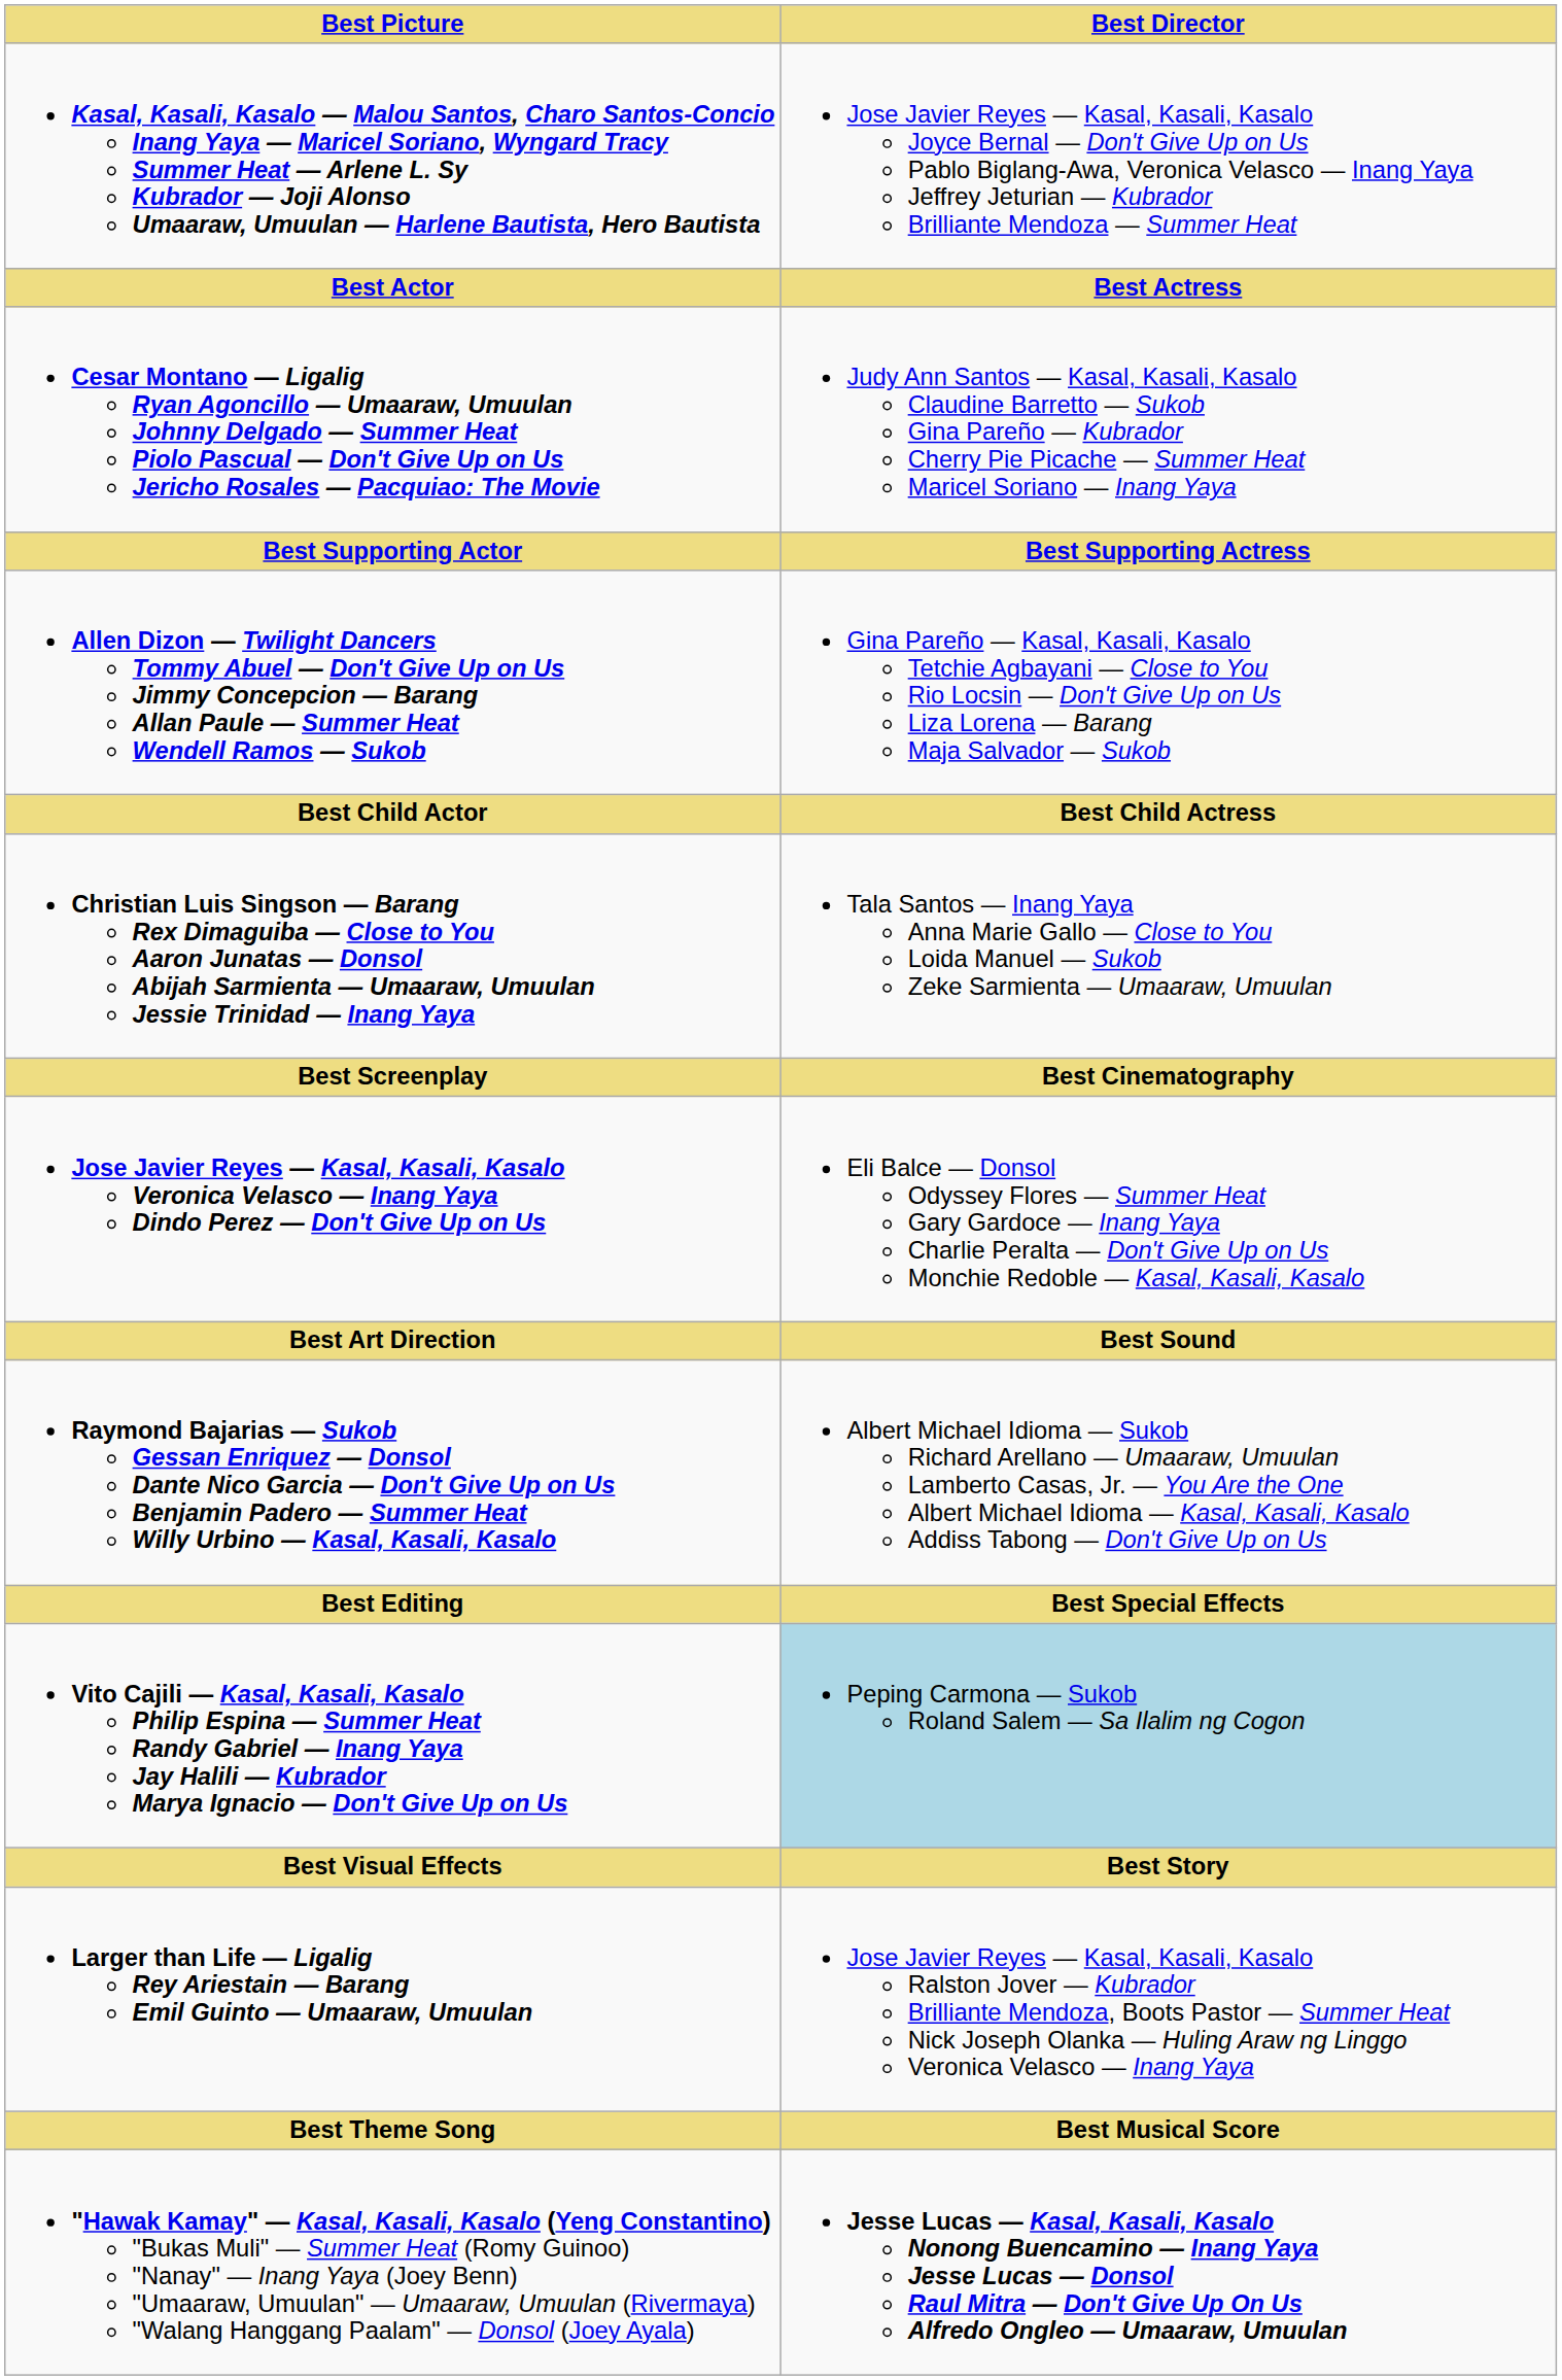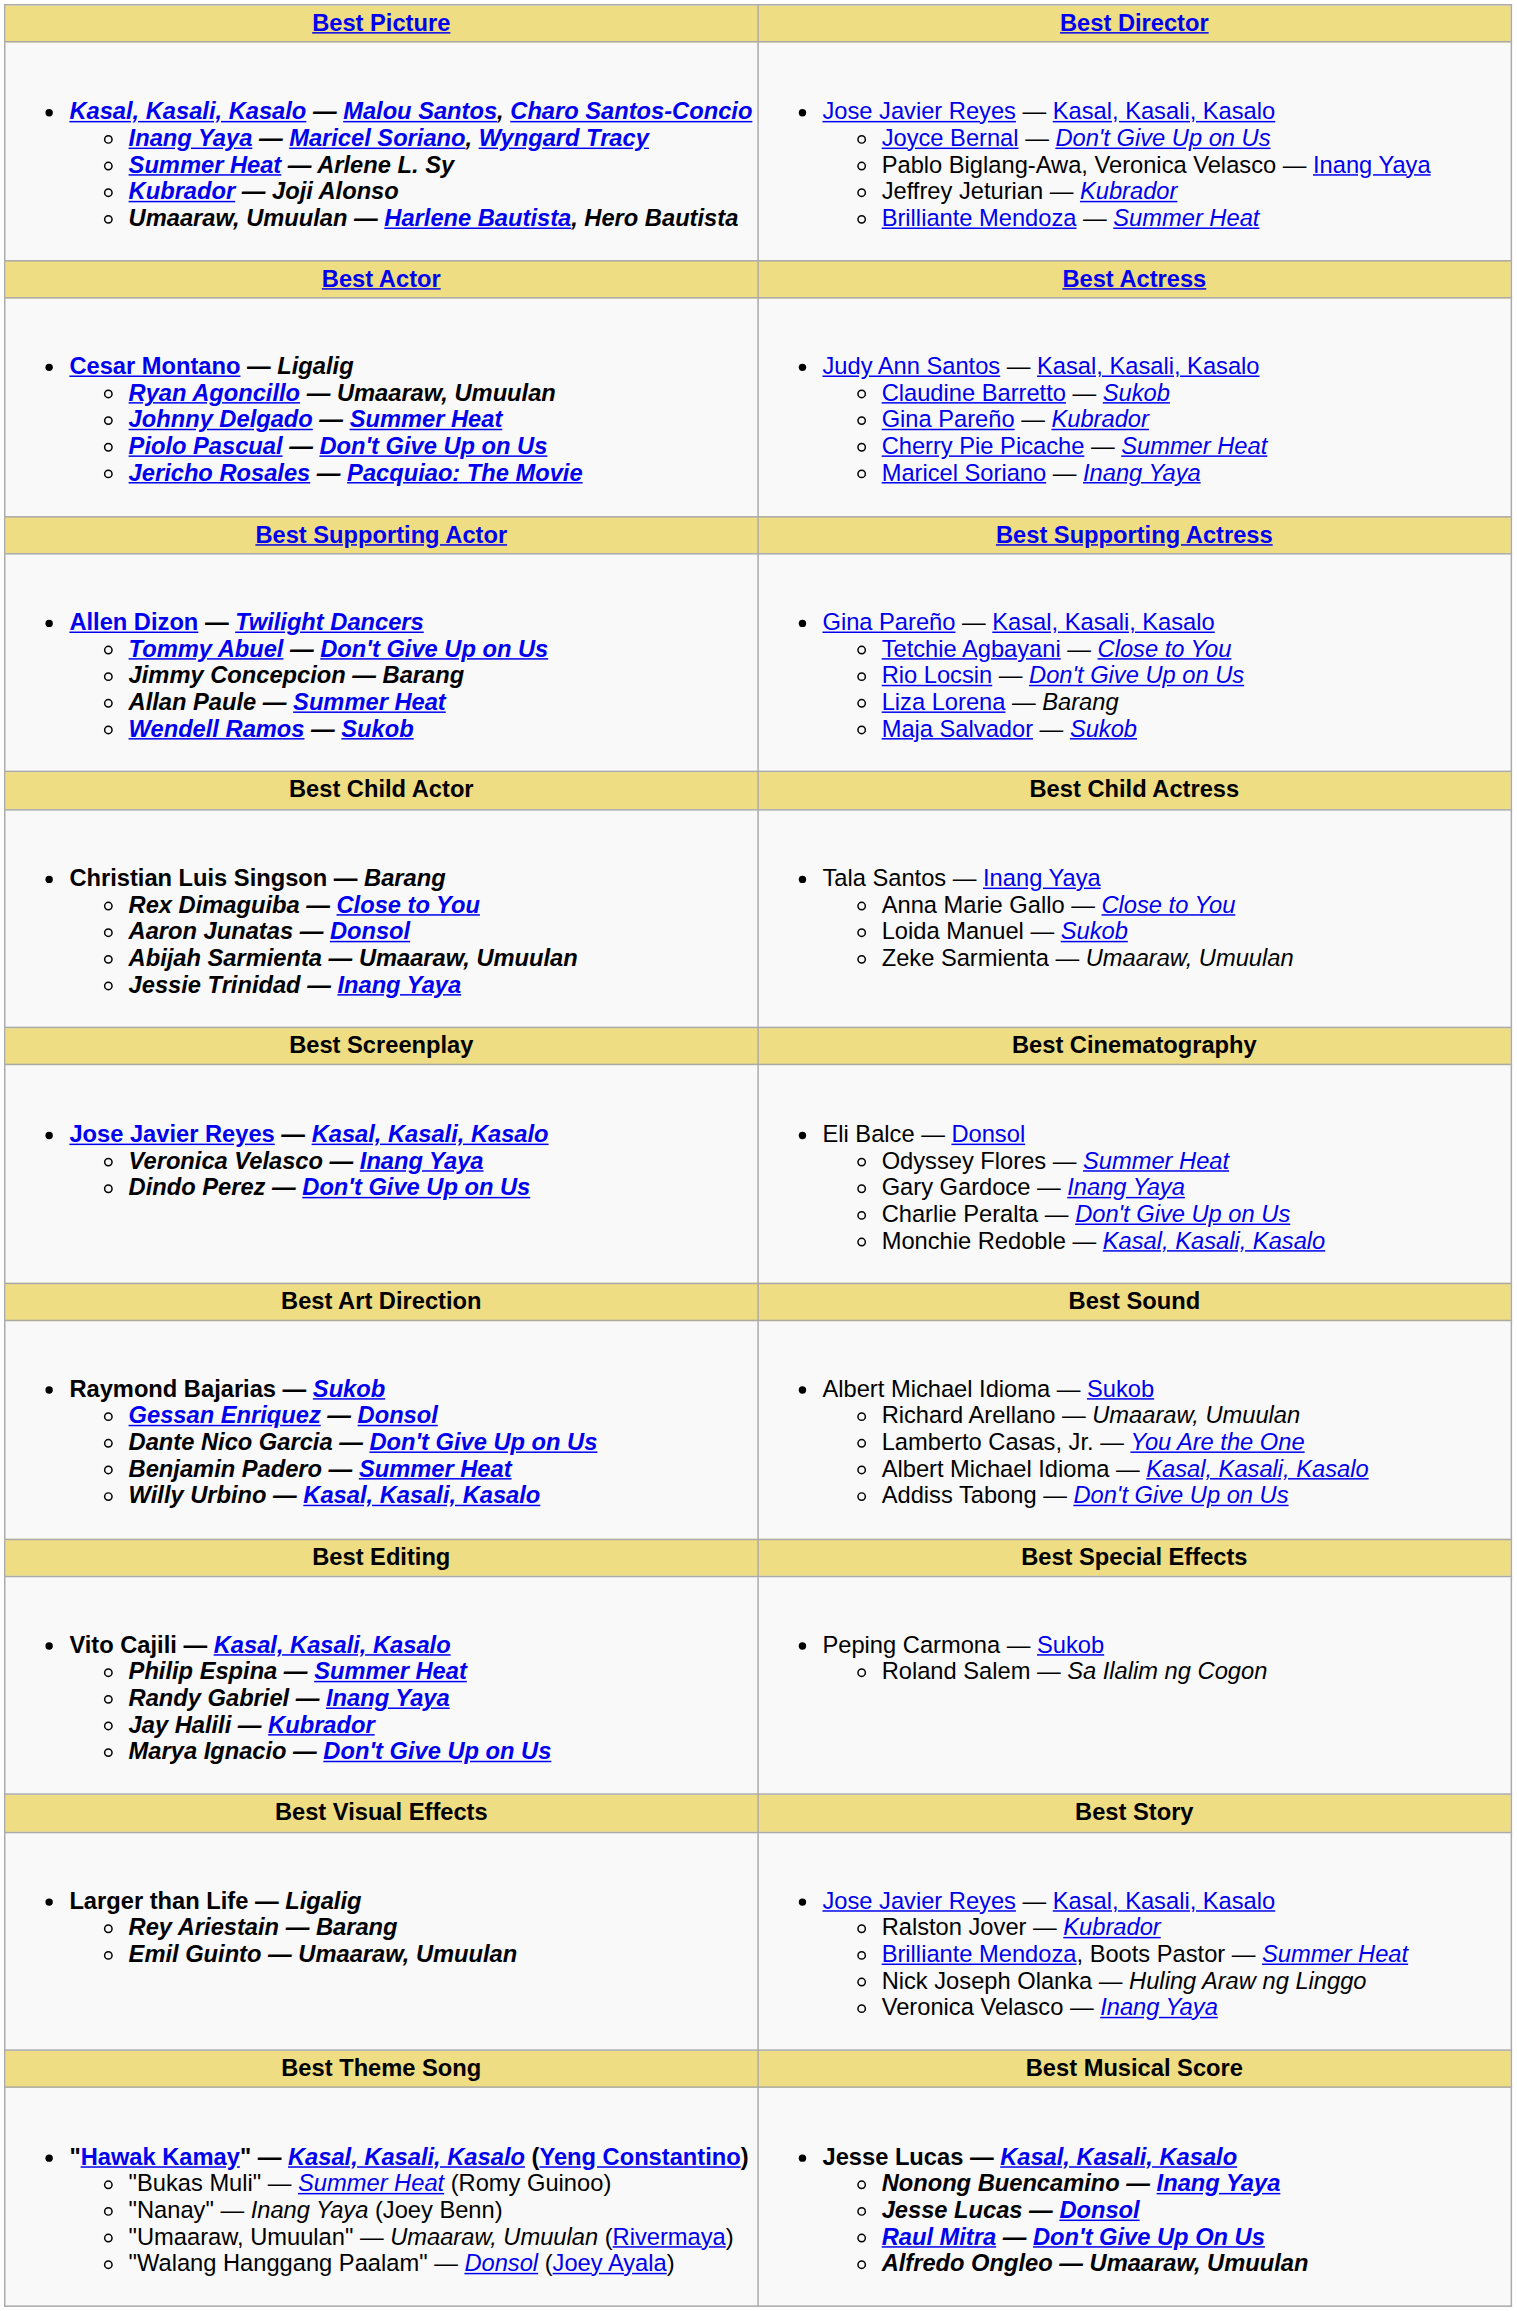 <table class=wikitable>
 <tr>
 <th style="background:#EEDD82; width:50%"><a href='#'>Best Picture</a></th>
 <th style="background:#EEDD82; width:50%"><a href='#'>Best Director</a></th>
 </tr>
 <tr>
 <td valign="top"><br><ul><li><strong><em><a href='#'>Kasal, Kasali, Kasalo</a><em> — <a href='#'>Malou Santos</a>, <a href='#'>Charo Santos-Concio</a><strong><ul><li></em><a href='#'>Inang Yaya</a><em> — <a href='#'>Maricel Soriano</a>, <a href='#'>Wyngard Tracy</a></li><li></em><a href='#'>Summer Heat</a><em> — Arlene L. Sy</li><li></em><a href='#'>Kubrador</a><em> — Joji Alonso</li><li></em>Umaaraw, Umuulan<em> — <a href='#'>Harlene Bautista</a>, Hero Bautista</li></ul></li></ul></td>
 <td valign="top"><br><ul><li></strong><a href='#'>Jose Javier Reyes</a> — </em><a href='#'>Kasal, Kasali, Kasalo</a></em></strong><ul><li><a href='#'>Joyce Bernal</a> — <em><a href='#'>Don't Give Up on Us</a></em></li><li>Pablo Biglang-Awa, Veronica Velasco — <a href='#'>Inang Yaya</a></li><li>Jeffrey Jeturian — <em><a href='#'>Kubrador</a></em></li><li><a href='#'>Brilliante Mendoza</a> — <em><a href='#'>Summer Heat</a></em></li></ul></li></ul></td>
 </tr>
 <tr>
 <th style="background:#EEDD82; width:50%"><a href='#'>Best Actor</a></th>
 <th style="background:#EEDD82; width:50%"><a href='#'>Best Actress</a></th>
 </tr>
 <tr>
 <td valign="top"><br><ul><li><strong><a href='#'>Cesar Montano</a> — <em>Ligalig<strong><em><ul><li><a href='#'>Ryan Agoncillo</a> — </em>Umaaraw, Umuulan<em></li><li><a href='#'>Johnny Delgado</a> — </em><a href='#'>Summer Heat</a><em></li><li><a href='#'>Piolo Pascual</a> — </em><a href='#'>Don't Give Up on Us</a><em></li><li><a href='#'>Jericho Rosales</a> — </em><a href='#'>Pacquiao: The Movie</a><em></li></ul></li></ul></td>
 <td valign="top"><br><ul><li></strong><a href='#'>Judy Ann Santos</a> — </em><a href='#'>Kasal, Kasali, Kasalo</a></em></strong><ul><li><a href='#'>Claudine Barretto</a> — <em><a href='#'>Sukob</a></em></li><li><a href='#'>Gina Pareño</a> — <em><a href='#'>Kubrador</a></em></li><li><a href='#'>Cherry Pie Picache</a> — <em><a href='#'>Summer Heat</a></em></li><li><a href='#'>Maricel Soriano</a> — <em><a href='#'>Inang Yaya</a></em></li></ul></li></ul></td>
 </tr>
 <tr>
 <th style="background:#EEDD82; width:50%"><a href='#'>Best Supporting Actor</a></th>
 <th style="background:#EEDD82; width:50%"><a href='#'>Best Supporting Actress</a></th>
 </tr>
 <tr>
 <td valign="top"><br><ul><li><strong><a href='#'>Allen Dizon</a> — <em><a href='#'>Twilight Dancers</a><strong><em><ul><li><a href='#'>Tommy Abuel</a> — </em><a href='#'>Don't Give Up on Us</a><em></li><li>Jimmy Concepcion — </em>Barang<em></li><li>Allan Paule — </em><a href='#'>Summer Heat</a><em></li><li><a href='#'>Wendell Ramos</a> — </em><a href='#'>Sukob</a><em></li></ul></li></ul></td>
 <td valign="top"><br><ul><li></strong><a href='#'>Gina Pareño</a> — </em><a href='#'>Kasal, Kasali, Kasalo</a></em></strong><ul><li><a href='#'>Tetchie Agbayani</a> — <em><a href='#'>Close to You</a></em></li><li><a href='#'>Rio Locsin</a> — <em><a href='#'>Don't Give Up on Us</a></em></li><li><a href='#'>Liza Lorena</a> — <em>Barang</em></li><li><a href='#'>Maja Salvador</a> — <em><a href='#'>Sukob</a></em></li></ul></li></ul></td>
 </tr>
 <tr>
 <th style="background:#EEDD82; width:50%">Best Child Actor</th>
 <th style="background:#EEDD82; width:50%">Best Child Actress</th>
 </tr>
 <tr>
 <td valign="top"><br><ul><li><strong>Christian Luis Singson — <em>Barang<strong><em><ul><li>Rex Dimaguiba — </em><a href='#'>Close to You</a><em></li><li>Aaron Junatas — </em><a href='#'>Donsol</a><em></li><li>Abijah Sarmienta — </em>Umaaraw, Umuulan<em></li><li>Jessie Trinidad — </em><a href='#'>Inang Yaya</a><em></li></ul></li></ul></td>
 <td valign="top"><br><ul><li></strong>Tala Santos — </em><a href='#'>Inang Yaya</a></em></strong><ul><li>Anna Marie Gallo — <em><a href='#'>Close to You</a></em></li><li>Loida Manuel — <em><a href='#'>Sukob</a></em></li><li>Zeke Sarmienta — <em>Umaaraw, Umuulan</em></li></ul></li></ul></td>
 </tr>
 <tr>
 <th style="background:#EEDD82; width:50%">Best Screenplay</th>
 <th style="background:#EEDD82; width:50%">Best Cinematography</th>
 </tr>
 <tr>
 <td valign="top"><br><ul><li><strong><a href='#'>Jose Javier Reyes</a> — <em><a href='#'>Kasal, Kasali, Kasalo</a><strong><em><ul><li>Veronica Velasco — </em><a href='#'>Inang Yaya</a><em></li><li>Dindo Perez — </em><a href='#'>Don't Give Up on Us</a><em></li></ul></li></ul></td>
 <td valign="top"><br><ul><li></strong>Eli Balce — </em><a href='#'>Donsol</a></em></strong><ul><li>Odyssey Flores — <em><a href='#'>Summer Heat</a></em></li><li>Gary Gardoce — <em><a href='#'>Inang Yaya</a></em></li><li>Charlie Peralta — <em><a href='#'>Don't Give Up on Us</a></em></li><li>Monchie Redoble — <em><a href='#'>Kasal, Kasali, Kasalo</a></em></li></ul></li></ul></td>
 </tr>
 <tr>
 <th style="background:#EEDD82; width:50%">Best Art Direction</th>
 <th style="background:#EEDD82; width:50%">Best Sound</th>
 </tr>
 <tr>
 <td valign="top"><br><ul><li><strong>Raymond Bajarias — <em><a href='#'>Sukob</a><strong><em><ul><li><a href='#'>Gessan Enriquez</a> — </em><a href='#'>Donsol</a><em></li><li>Dante Nico Garcia — </em><a href='#'>Don't Give Up on Us</a><em></li><li>Benjamin Padero — </em><a href='#'>Summer Heat</a><em></li><li>Willy Urbino — </em><a href='#'>Kasal, Kasali, Kasalo</a><em></li></ul></li></ul></td>
 <td valign="top"><br><ul><li></strong>Albert Michael Idioma — </em><a href='#'>Sukob</a></em></strong><ul><li>Richard Arellano — <em>Umaaraw, Umuulan</em></li><li>Lamberto Casas, Jr. — <em><a href='#'>You Are the One</a></em></li><li>Albert Michael Idioma — <em><a href='#'>Kasal, Kasali, Kasalo</a></em></li><li>Addiss Tabong — <em><a href='#'>Don't Give Up on Us</a></em></li></ul></li></ul></td>
 </tr>
 <tr>
 <th style="background:#EEDD82; width:50%">Best Editing</th>
 <th style="background:#EEDD82; width:50%">Best Special Effects</th>
 </tr>
 <tr>
 <td valign="top"><br><ul><li><strong>Vito Cajili — <em><a href='#'>Kasal, Kasali, Kasalo</a><strong><em><ul><li>Philip Espina — </em><a href='#'>Summer Heat</a><em></li><li>Randy Gabriel — </em><a href='#'>Inang Yaya</a><em></li><li>Jay Halili — </em><a href='#'>Kubrador</a><em></li><li>Marya Ignacio — </em><a href='#'>Don't Give Up on Us</a><em></li></ul></li></ul></td>
-<td valign="top" style="background: lightblue;"><br><ul><li></strong>Peping Carmona — </em><a href='#'>Sukob</a></em></strong><ul><li>Roland Salem — <em>Sa Ilalim ng Cogon</em></li></ul></li></ul></td>
+<td valign="top"><br><ul><li></strong>Peping Carmona — </em><a href='#'>Sukob</a></em></strong><ul><li>Roland Salem — <em>Sa Ilalim ng Cogon</em></li></ul></li></ul></td>
 </tr>
 <tr>
 <th style="background:#EEDD82; width:50%">Best Visual Effects</th>
 <th style="background:#EEDD82; width:50%">Best Story</th>
 </tr>
 <tr>
 <td valign="top"><br><ul><li><strong>Larger than Life — <em>Ligalig<strong><em><ul><li>Rey Ariestain — </em>Barang<em></li><li>Emil Guinto — </em>Umaaraw, Umuulan<em></li></ul></li></ul></td>
 <td valign="top"><br><ul><li></strong><a href='#'>Jose Javier Reyes</a> — </em><a href='#'>Kasal, Kasali, Kasalo</a></em></strong><ul><li>Ralston Jover — <em><a href='#'>Kubrador</a></em></li><li><a href='#'>Brilliante Mendoza</a>, Boots Pastor — <em><a href='#'>Summer Heat</a></em></li><li>Nick Joseph Olanka — <em>Huling Araw ng Linggo</em></li><li>Veronica Velasco — <em><a href='#'>Inang Yaya</a></em></li></ul></li></ul></td>
 </tr>
 <tr>
 <th style="background:#EEDD82; width:50%">Best Theme Song</th>
 <th style="background:#EEDD82; width:50%">Best Musical Score</th>
 </tr>
 <tr>
 <td valign="top"><br><ul><li><strong> "<a href='#'>Hawak Kamay</a>" — <em><a href='#'>Kasal, Kasali, Kasalo</a></em> (<a href='#'>Yeng Constantino</a>)</strong><ul><li>"Bukas Muli" — <em><a href='#'>Summer Heat</a></em> (Romy Guinoo)</li><li>"Nanay" — <em>Inang Yaya</em> (Joey Benn)</li><li>"Umaaraw, Umuulan"  — <em>Umaaraw, Umuulan</em> (<a href='#'>Rivermaya</a>)</li><li>"Walang Hanggang Paalam" — <em><a href='#'>Donsol</a></em> (<a href='#'>Joey Ayala</a>)</li></ul></li></ul></td>
 <td valign="top"><br><ul><li><strong>Jesse Lucas — <em><a href='#'>Kasal, Kasali, Kasalo</a><strong><em><ul><li>Nonong Buencamino — </em><a href='#'>Inang Yaya</a><em></li><li>Jesse Lucas — </em><a href='#'>Donsol</a><em></li><li><a href='#'>Raul Mitra</a> — </em><a href='#'>Don't Give Up On Us</a><em></li><li>Alfredo Ongleo — </em>Umaaraw, Umuulan<em></li></ul></li></ul></td>
 </tr>
 </table>
